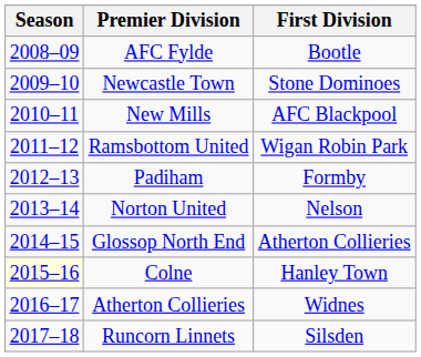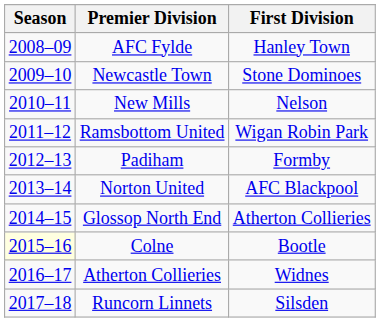 <table class="wikitable" style="text-align: center">
 <tr>
 </tr>
 <tr>
 <th>Season</th>
 <th>Premier Division</th>
 <th>First Division</th>
 </tr>
 <tr>
 <td><a href='#'>2008–09</a></td>
 <td><a href='#'>AFC Fylde</a></td>
-<td><a href='#'>Bootle</a></td>
+<td><a href='#'>Hanley Town</a></td>
 </tr>
 <tr>
 <td><a href='#'>2009–10</a></td>
 <td><a href='#'>Newcastle Town</a></td>
 <td><a href='#'>Stone Dominoes</a></td>
 </tr>
 <tr>
 <td><a href='#'>2010–11</a></td>
 <td><a href='#'>New Mills</a></td>
-<td><a href='#'>AFC Blackpool</a></td>
+<td><a href='#'>Nelson</a></td>
 </tr>
 <tr>
 <td><a href='#'>2011–12</a></td>
 <td><a href='#'>Ramsbottom United</a></td>
 <td><a href='#'>Wigan Robin Park</a></td>
 </tr>
 <tr>
 <td><a href='#'>2012–13</a></td>
 <td><a href='#'>Padiham</a></td>
 <td><a href='#'>Formby</a></td>
 </tr>
 <tr>
 <td><a href='#'>2013–14</a></td>
 <td><a href='#'>Norton United</a></td>
-<td><a href='#'>Nelson</a></td>
+<td><a href='#'>AFC Blackpool</a></td>
 </tr>
 <tr>
 <td><a href='#'>2014–15</a></td>
 <td><a href='#'>Glossop North End</a></td>
 <td><a href='#'>Atherton Collieries</a></td>
 </tr>
 <tr>
 <td style="background: lightyellow;"><a href='#'>2015–16</a></td>
 <td><a href='#'>Colne</a></td>
-<td><a href='#'>Hanley Town</a></td>
+<td><a href='#'>Bootle</a></td>
 </tr>
 <tr>
 <td><a href='#'>2016–17</a></td>
 <td><a href='#'>Atherton Collieries</a></td>
 <td><a href='#'>Widnes</a></td>
 </tr>
 <tr>
 <td><a href='#'>2017–18</a></td>
 <td><a href='#'>Runcorn Linnets</a></td>
 <td><a href='#'>Silsden</a></td>
 </tr>
 </table>
